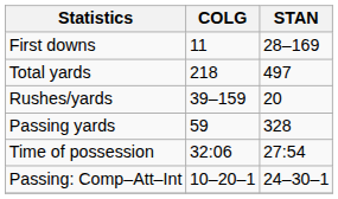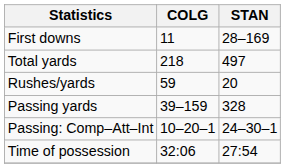 <table class="wikitable" style="float: left;">
 <tr>
 <th>Statistics</th>
 <th>COLG</th>
 <th>STAN</th>
 </tr>
 <tr>
 <td>First downs</td>
 <td>11</td>
 <td>28–169</td>
 </tr>
 <tr>
 <td>Total yards</td>
 <td>218</td>
 <td>497</td>
 </tr>
 <tr>
 <td>Rushes/yards</td>
-<td>39–159</td>
+<td>59</td>
 <td>20</td>
 </tr>
 <tr>
 <td>Passing yards</td>
-<td>59</td>
+<td>39–159</td>
 <td>328</td>
+</tr>
+<tr>
+<td>Passing: Comp–Att–Int</td>
+<td>10–20–1</td>
+<td>24–30–1</td>
 </tr>
 <tr>
 <td>Time of possession</td>
 <td>32:06</td>
 <td>27:54</td>
 </tr>
 <tr>
-<td>Passing: Comp–Att–Int</td>
-<td>10–20–1</td>
-<td>24–30–1</td>
-</tr>
-<tr>
 </tr>
 </table>
